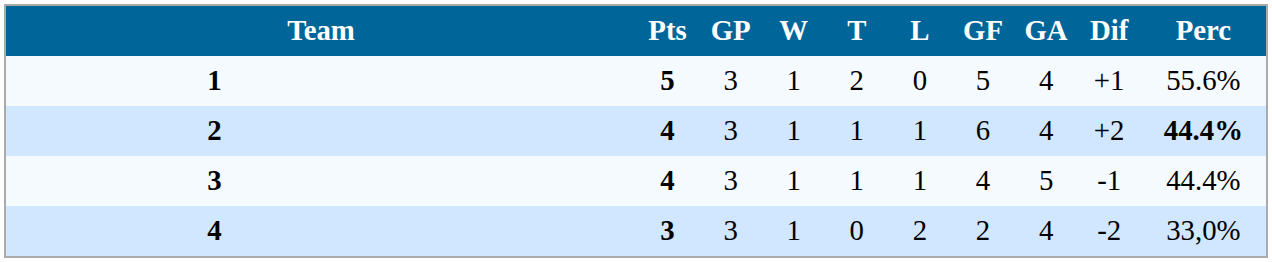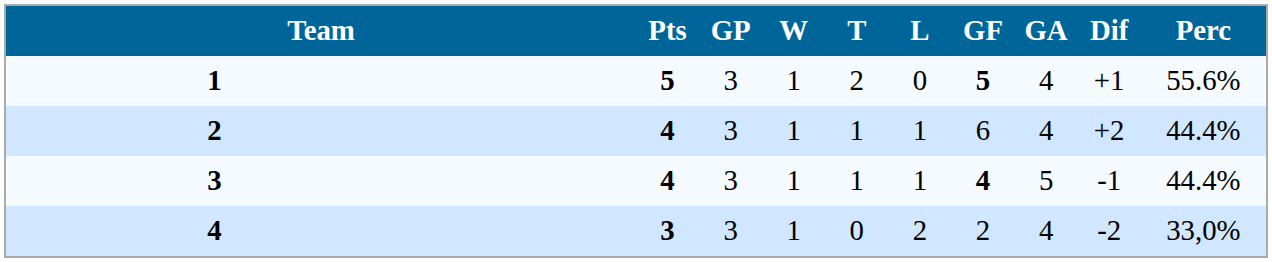 <table align=center cellpadding="4" cellspacing="0" style="background: #f9f9f9; border: 1px #aaa solid; border-collapse: collapse; font-size: 90%;" width=50%>
 <tr align=center bgcolor=#006699 style="color:white;">
 <th width=50% colspan=2>Team</th>
 <th width=5%>Pts</th>
 <th width=5%>GP</th>
 <th width=5%>W</th>
 <th width=5%>T</th>
 <th width=5%>L</th>
 <th width=5%>GF</th>
 <th width=5%>GA</th>
 <th width=5%>Dif</th>
 <th width=10%>Perc</th>
 </tr>
 <tr align=center bgcolor=#F5FAFF>
 <td><strong>1</strong></td>
 <td align=left></td>
 <td><strong>5</strong></td>
 <td>3</td>
 <td>1</td>
 <td>2</td>
 <td>0</td>
-<td>5</td>
+<td><strong>5</strong></td>
 <td>4</td>
 <td>+1</td>
 <td>55.6%</td>
 </tr>
 <tr align=center bgcolor=#D0E7FF>
 <td><strong>2</strong></td>
 <td align=left></td>
 <td><strong>4</strong></td>
 <td>3</td>
 <td>1</td>
 <td>1</td>
 <td>1</td>
 <td>6</td>
 <td>4</td>
 <td>+2</td>
-<td><strong>44.4%</strong></td>
+<td>44.4%</td>
 </tr>
 <tr align=center bgcolor=#F5FAFF>
 <td><strong>3</strong></td>
 <td align=left></td>
 <td><strong>4</strong></td>
 <td>3</td>
 <td>1</td>
 <td>1</td>
 <td>1</td>
-<td>4</td>
+<td><strong>4</strong></td>
 <td>5</td>
 <td>-1</td>
 <td>44.4%</td>
 </tr>
 <tr align=center bgcolor=#D0E7FF>
 <td><strong>4</strong></td>
 <td align=left></td>
 <td><strong>3</strong></td>
 <td>3</td>
 <td>1</td>
 <td>0</td>
 <td>2</td>
 <td>2</td>
 <td>4</td>
 <td>-2</td>
 <td>33,0%</td>
 </tr>
 <tr align=center bgcolor=#F5FAFF>
 </tr>
 </table>
